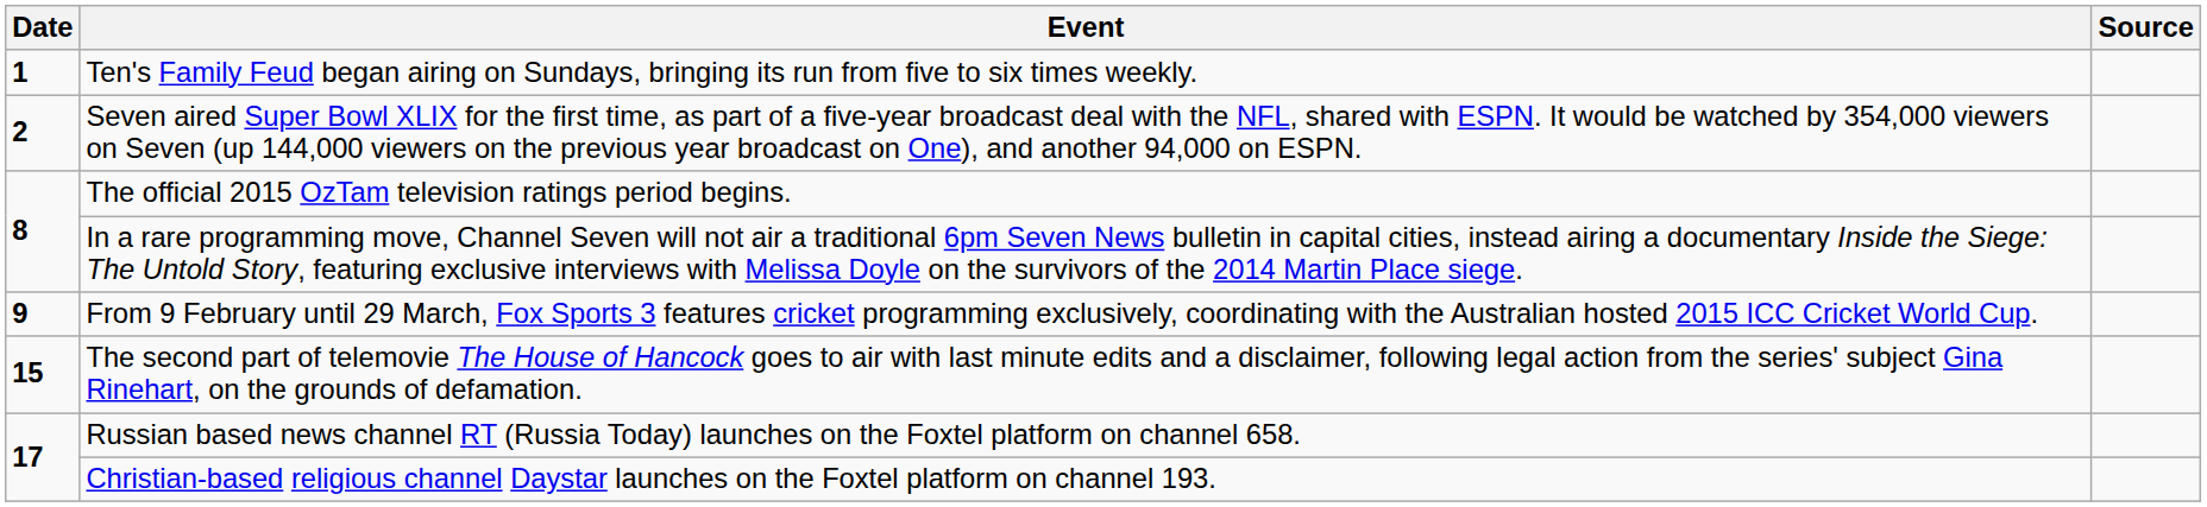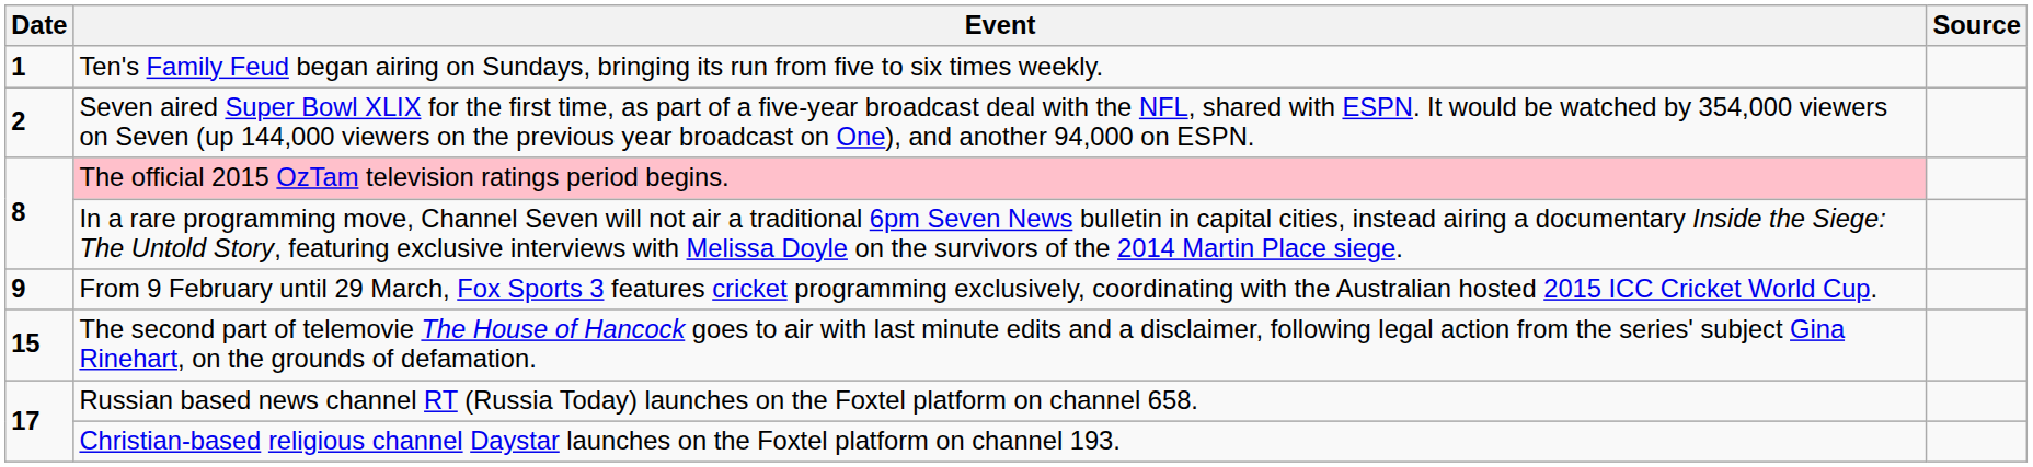 <table class="wikitable">
 <tr>
 <th>Date</th>
 <th>Event</th>
 <th>Source</th>
 </tr>
 <tr>
 <td><strong>1</strong></td>
 <td>Ten's <a href='#'>Family Feud</a> began airing on Sundays, bringing its run from five to six times weekly.</td>
 <td></td>
 </tr>
 <tr>
 <td><strong>2</strong></td>
 <td>Seven aired <a href='#'>Super Bowl XLIX</a> for the first time, as part of a five-year broadcast deal with the <a href='#'>NFL</a>, shared with <a href='#'>ESPN</a>. It would be watched by 354,000 viewers on Seven (up 144,000 viewers on the previous year broadcast on <a href='#'>One</a>), and another 94,000 on ESPN.</td>
 <td></td>
 </tr>
 <tr>
 <td rowspan="2"><strong>8</strong></td>
-<td>The official 2015 <a href='#'>OzTam</a> television ratings period begins.</td>
+<td style="background: pink;">The official 2015 <a href='#'>OzTam</a> television ratings period begins.</td>
 <td></td>
 </tr>
 <tr>
 <td>In a rare programming move, Channel Seven will not air a traditional <a href='#'>6pm Seven News</a> bulletin in capital cities, instead airing a documentary <em>Inside the Siege: The Untold Story</em>, featuring exclusive interviews with <a href='#'>Melissa Doyle</a> on the survivors of the <a href='#'>2014 Martin Place siege</a>.</td>
 <td></td>
 </tr>
 <tr>
 <td><strong>9</strong></td>
 <td>From 9 February until 29 March, <a href='#'>Fox Sports 3</a> features <a href='#'>cricket</a> programming exclusively, coordinating with the Australian hosted <a href='#'>2015 ICC Cricket World Cup</a>.</td>
 <td></td>
 </tr>
 <tr>
 <td><strong>15</strong></td>
 <td>The second part of telemovie <em><a href='#'>The House of Hancock</a></em> goes to air with last minute edits and a disclaimer, following legal action from the series' subject <a href='#'>Gina Rinehart</a>, on the grounds of defamation.</td>
 <td></td>
 </tr>
 <tr>
 <td rowspan="2"><strong>17</strong></td>
 <td>Russian based news channel <a href='#'>RT</a> (Russia Today) launches on the Foxtel platform on channel 658.</td>
 <td></td>
 </tr>
 <tr>
 <td><a href='#'>Christian-based</a> <a href='#'>religious channel</a> <a href='#'>Daystar</a> launches on the Foxtel platform on channel 193.</td>
 <td></td>
 </tr>
 </table>
